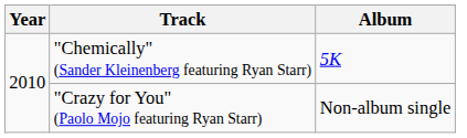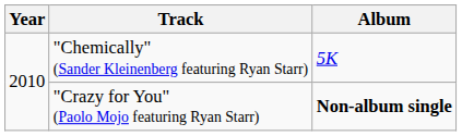 <table class="wikitable">
 <tr>
 <th>Year</th>
 <th>Track</th>
 <th>Album</th>
 </tr>
 <tr>
 <td rowspan="2">2010</td>
 <td>"Chemically"<br><small>(<a href='#'>Sander Kleinenberg</a> featuring Ryan Starr)</small></td>
 <td><em><a href='#'>5K</a></em></td>
 </tr>
 <tr>
 <td>"Crazy for You"<br><small>(<a href='#'>Paolo Mojo</a> featuring Ryan Starr)</small></td>
-<td>Non-album single</td>
+<td><strong>Non-album single</strong></td>
 </tr>
 </table>
